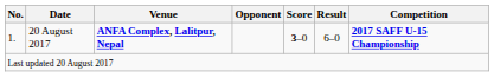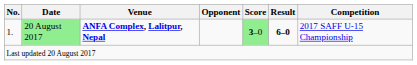 <table class="wikitable" style="font-size:85%;">
 <tr>
 <th>No.</th>
 <th>Date</th>
 <th>Venue</th>
 <th>Opponent</th>
 <th>Score</th>
 <th>Result</th>
 <th>Competition</th>
 </tr>
 <tr>
 <td>1.</td>
-<td>20 August 2017</td>
+<td style="background: lightgreen;">20 August 2017</td>
 <td><strong><a href='#'>ANFA Complex</a>, <a href='#'>Lalitpur</a>, <a href='#'>Nepal</a></strong></td>
 <td></td>
-<td align=center><strong>3</strong>–0</td>
-<td align=center>6–0</td>
-<td><strong><a href='#'>2017 SAFF U-15 Championship</a></strong></td>
+<td align=center style="background: lightgreen;"><strong>3</strong>–0</td>
+<td align=center><strong>6–0</strong></td>
+<td><a href='#'>2017 SAFF U-15 Championship</a></td>
 </tr>
 <tr>
 <td colspan="7"><small>Last updated 20 August 2017</small></td>
 </tr>
 </table>
